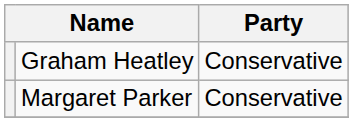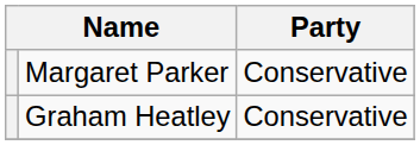 <table class="wikitable">
 <tr>
 <th colspan="2">Name</th>
 <th>Party</th>
 </tr>
 <tr>
 <th style="background-color: "></th>
-<td>Graham Heatley</td>
+<td>Margaret Parker</td>
 <td align="right">Conservative</td>
 </tr>
 <tr>
 <th style="background-color: "></th>
-<td>Margaret Parker</td>
+<td>Graham Heatley</td>
 <td align="right">Conservative</td>
 </tr>
 <tr>
 </tr>
 </table>
